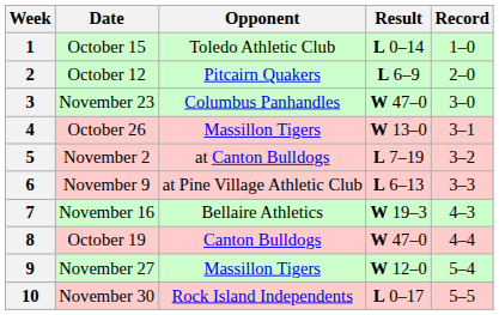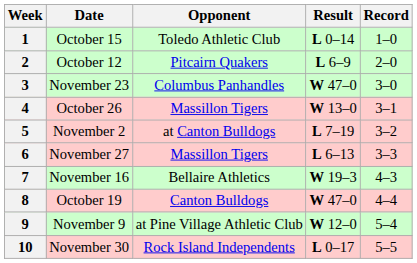 <table class="wikitable" style="text-align:center">
 <tr>
 <th>Week</th>
 <th>Date</th>
 <th>Opponent</th>
 <th>Result</th>
 <th>Record</th>
 </tr>
 <tr style="background:#cfc">
 <th>1</th>
 <td>October 15</td>
 <td>Toledo Athletic Club</td>
 <td><strong>L</strong> 0–14</td>
 <td>1–0</td>
 </tr>
 <tr style="background:#cfc">
 <th>2</th>
 <td>October 12</td>
 <td><a href='#'>Pitcairn Quakers</a></td>
 <td><strong>L</strong> 6–9</td>
 <td>2–0</td>
 </tr>
 <tr style="background:#cfc">
 <th>3</th>
 <td>November 23</td>
 <td><a href='#'>Columbus Panhandles</a></td>
 <td><strong>W</strong> 47–0</td>
 <td>3–0</td>
 </tr>
 <tr style="background:#fcc">
 <th>4</th>
 <td>October 26</td>
 <td><a href='#'>Massillon Tigers</a></td>
 <td><strong>W</strong> 13–0</td>
 <td>3–1</td>
 </tr>
 <tr style="background:#fcc">
 <th>5</th>
 <td>November 2</td>
 <td>at <a href='#'>Canton Bulldogs</a></td>
 <td><strong>L</strong> 7–19</td>
 <td>3–2</td>
 </tr>
 <tr style="background:#fcc">
 <th>6</th>
-<td>November 9</td>
-<td>at Pine Village Athletic Club</td>
+<td>November 27</td>
+<td><a href='#'>Massillon Tigers</a></td>
 <td><strong>L</strong> 6–13</td>
 <td>3–3</td>
 </tr>
 <tr style="background:#cfc">
 <th>7</th>
 <td>November 16</td>
 <td>Bellaire Athletics</td>
 <td><strong>W</strong> 19–3</td>
 <td>4–3</td>
 </tr>
 <tr style="background:#fcc">
 <th>8</th>
 <td>October 19</td>
 <td><a href='#'>Canton Bulldogs</a></td>
 <td><strong>W</strong> 47–0</td>
 <td>4–4</td>
 </tr>
 <tr style="background:#cfc">
 <th>9</th>
-<td>November 27</td>
-<td><a href='#'>Massillon Tigers</a></td>
+<td>November 9</td>
+<td>at Pine Village Athletic Club</td>
 <td><strong>W</strong> 12–0</td>
 <td>5–4</td>
 </tr>
 <tr style="background:#fcc">
 <th>10</th>
 <td>November 30</td>
 <td><a href='#'>Rock Island Independents</a></td>
 <td><strong>L</strong> 0–17</td>
 <td>5–5</td>
 </tr>
 </table>
